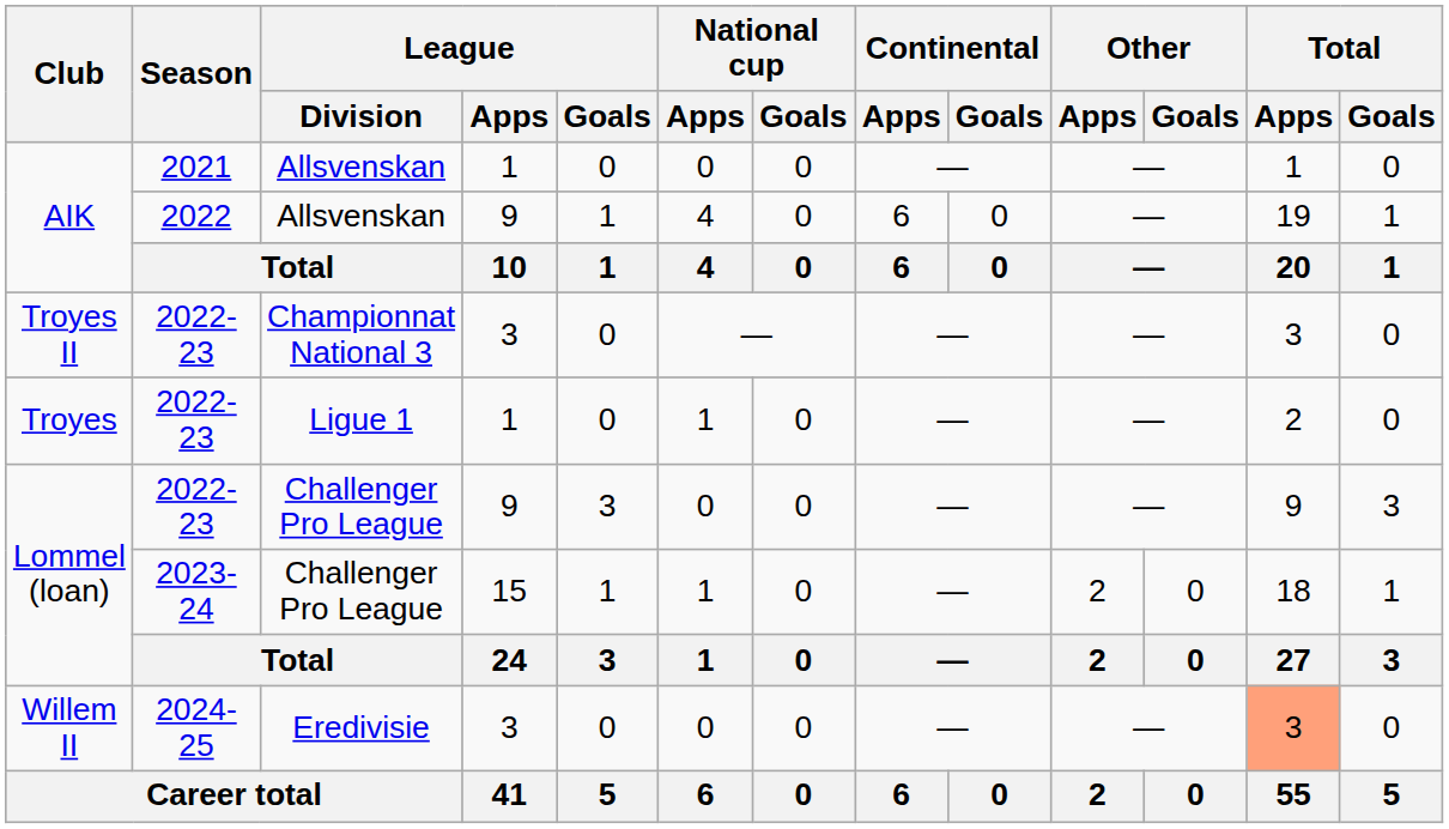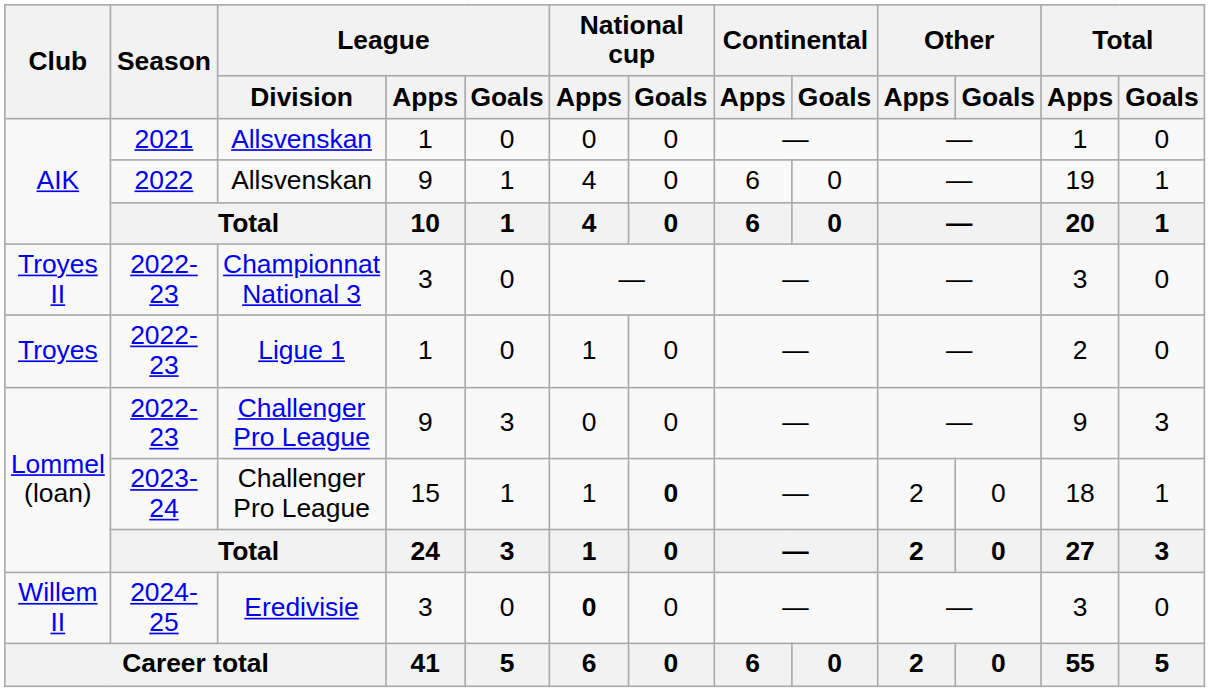 <table class="wikitable" style="text-align: center;">
 <tr>
 <th rowspan="2">Club</th>
 <th rowspan="2">Season</th>
 <th colspan="3">League</th>
 <th colspan="2">National cup</th>
 <th colspan="2">Continental</th>
 <th colspan="2">Other</th>
 <th colspan="2">Total</th>
 </tr>
 <tr>
 <th>Division</th>
 <th>Apps</th>
 <th>Goals</th>
 <th>Apps</th>
 <th>Goals</th>
 <th>Apps</th>
 <th>Goals</th>
 <th>Apps</th>
 <th>Goals</th>
 <th>Apps</th>
 <th>Goals</th>
 </tr>
 <tr>
 <td rowspan="3"><a href='#'>AIK</a></td>
 <td><a href='#'>2021</a></td>
 <td><a href='#'>Allsvenskan</a></td>
 <td>1</td>
 <td>0</td>
 <td>0</td>
 <td>0</td>
 <td colspan="2">—</td>
 <td colspan="2">—</td>
 <td>1</td>
 <td>0</td>
 </tr>
 <tr>
 <td><a href='#'>2022</a></td>
 <td>Allsvenskan</td>
 <td>9</td>
 <td>1</td>
 <td>4</td>
 <td>0</td>
 <td>6</td>
 <td>0</td>
 <td colspan="2">—</td>
 <td>19</td>
 <td>1</td>
 </tr>
 <tr>
 <th colspan="2">Total</th>
 <th>10</th>
 <th>1</th>
 <th>4</th>
 <th>0</th>
 <th>6</th>
 <th>0</th>
 <th colspan="2">—</th>
 <th>20</th>
 <th>1</th>
 </tr>
 <tr>
 <td><a href='#'>Troyes II</a></td>
 <td><a href='#'>2022-23</a></td>
 <td><a href='#'>Championnat National 3</a></td>
 <td>3</td>
 <td>0</td>
 <td colspan="2">—</td>
 <td colspan="2">—</td>
 <td colspan="2">—</td>
 <td>3</td>
 <td>0</td>
 </tr>
 <tr>
 <td><a href='#'>Troyes</a></td>
 <td><a href='#'>2022-23</a></td>
 <td><a href='#'>Ligue 1</a></td>
 <td>1</td>
 <td>0</td>
 <td>1</td>
 <td>0</td>
 <td colspan="2">—</td>
 <td colspan="2">—</td>
 <td>2</td>
 <td>0</td>
 </tr>
 <tr>
 <td rowspan="3"><a href='#'>Lommel</a> (loan)</td>
 <td><a href='#'>2022-23</a></td>
 <td><a href='#'>Challenger Pro League</a></td>
 <td>9</td>
 <td>3</td>
 <td>0</td>
 <td>0</td>
 <td colspan="2">—</td>
 <td colspan="2">—</td>
 <td>9</td>
 <td>3</td>
 </tr>
 <tr>
 <td><a href='#'>2023-24</a></td>
 <td>Challenger Pro League</td>
 <td>15</td>
 <td>1</td>
 <td>1</td>
-<td>0</td>
+<td><strong>0</strong></td>
 <td colspan="2">—</td>
 <td>2</td>
 <td>0</td>
 <td>18</td>
 <td>1</td>
 </tr>
 <tr>
 <th colspan="2">Total</th>
 <th>24</th>
 <th>3</th>
 <th>1</th>
 <th>0</th>
 <th colspan="2">—</th>
 <th>2</th>
 <th>0</th>
 <th>27</th>
 <th>3</th>
 </tr>
 <tr>
 <td><a href='#'>Willem II</a></td>
 <td><a href='#'>2024-25</a></td>
 <td><a href='#'>Eredivisie</a></td>
 <td>3</td>
 <td>0</td>
-<td>0</td>
+<td><strong>0</strong></td>
 <td>0</td>
 <td colspan="2">—</td>
 <td colspan="2">—</td>
-<td style="background: lightsalmon;">3</td>
+<td>3</td>
 <td>0</td>
 </tr>
 <tr>
 <th colspan="3">Career total</th>
 <th>41</th>
 <th>5</th>
 <th>6</th>
 <th>0</th>
 <th>6</th>
 <th>0</th>
 <th>2</th>
 <th>0</th>
 <th>55</th>
 <th>5</th>
 </tr>
 </table>
